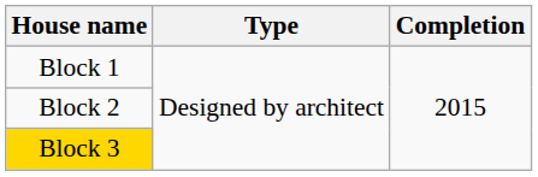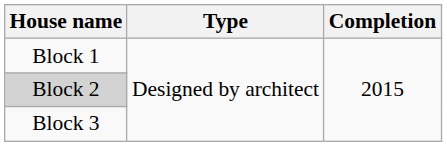 <table class="wikitable" style="text-align: center;">
 <tr>
 <th>House name</th>
 <th>Type</th>
 <th>Completion</th>
 </tr>
 <tr>
 <td>Block 1</td>
 <td rowspan="3">Designed by architect</td>
 <td rowspan="3">2015</td>
 </tr>
 <tr>
-<td>Block 2</td>
+<td style="background: lightgrey;">Block 2</td>
 </tr>
 <tr>
-<td style="background: gold;">Block 3</td>
+<td>Block 3</td>
 </tr>
 </table>
